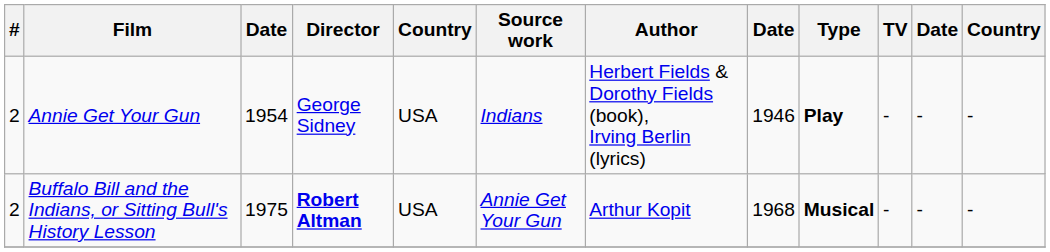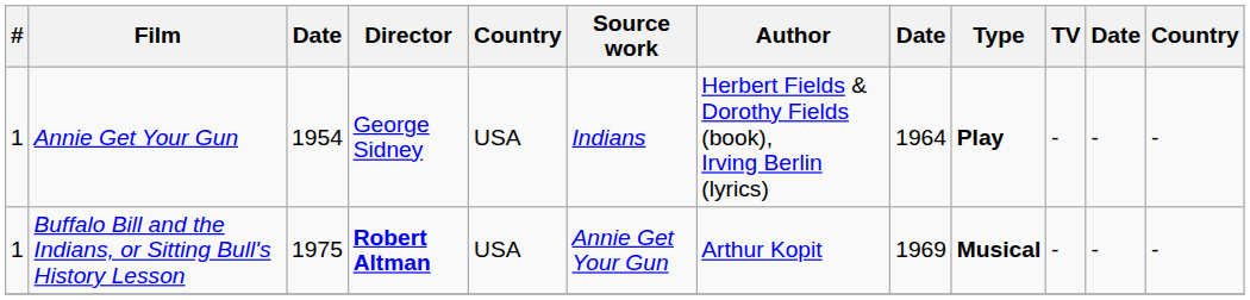 <table class="wikitable">
 <tr>
 <th>#</th>
 <th>Film</th>
 <th>Date</th>
 <th>Director</th>
 <th>Country</th>
 <th>Source<br>work</th>
 <th>Author</th>
 <th>Date</th>
 <th>Type</th>
 <th>TV</th>
 <th>Date</th>
 <th>Country</th>
 </tr>
 <tr>
-<td>2</td>
+<td>1</td>
 <td><em><a href='#'>Annie Get Your Gun</a></em></td>
 <td>1954</td>
 <td><a href='#'>George Sidney</a></td>
 <td>USA</td>
 <td><em><a href='#'>Indians</a></em></td>
 <td><a href='#'>Herbert Fields</a> & <a href='#'>Dorothy Fields</a> (book),<br><a href='#'>Irving Berlin</a> (lyrics)</td>
-<td>1946</td>
+<td>1964</td>
 <td><strong>Play</strong></td>
 <td>-</td>
 <td>-</td>
 <td>-</td>
 </tr>
 <tr>
-<td>2</td>
+<td>1</td>
 <td><em><a href='#'>Buffalo Bill and the Indians, or Sitting Bull's History Lesson</a></em></td>
 <td>1975</td>
 <td><strong><a href='#'>Robert Altman</a></strong></td>
 <td>USA</td>
 <td><em><a href='#'>Annie Get Your Gun</a></em></td>
 <td><a href='#'>Arthur Kopit</a></td>
-<td>1968</td>
+<td>1969</td>
 <td><strong>Musical</strong></td>
 <td>-</td>
 <td>-</td>
 <td>-</td>
 </tr>
 <tr>
 </tr>
 </table>
